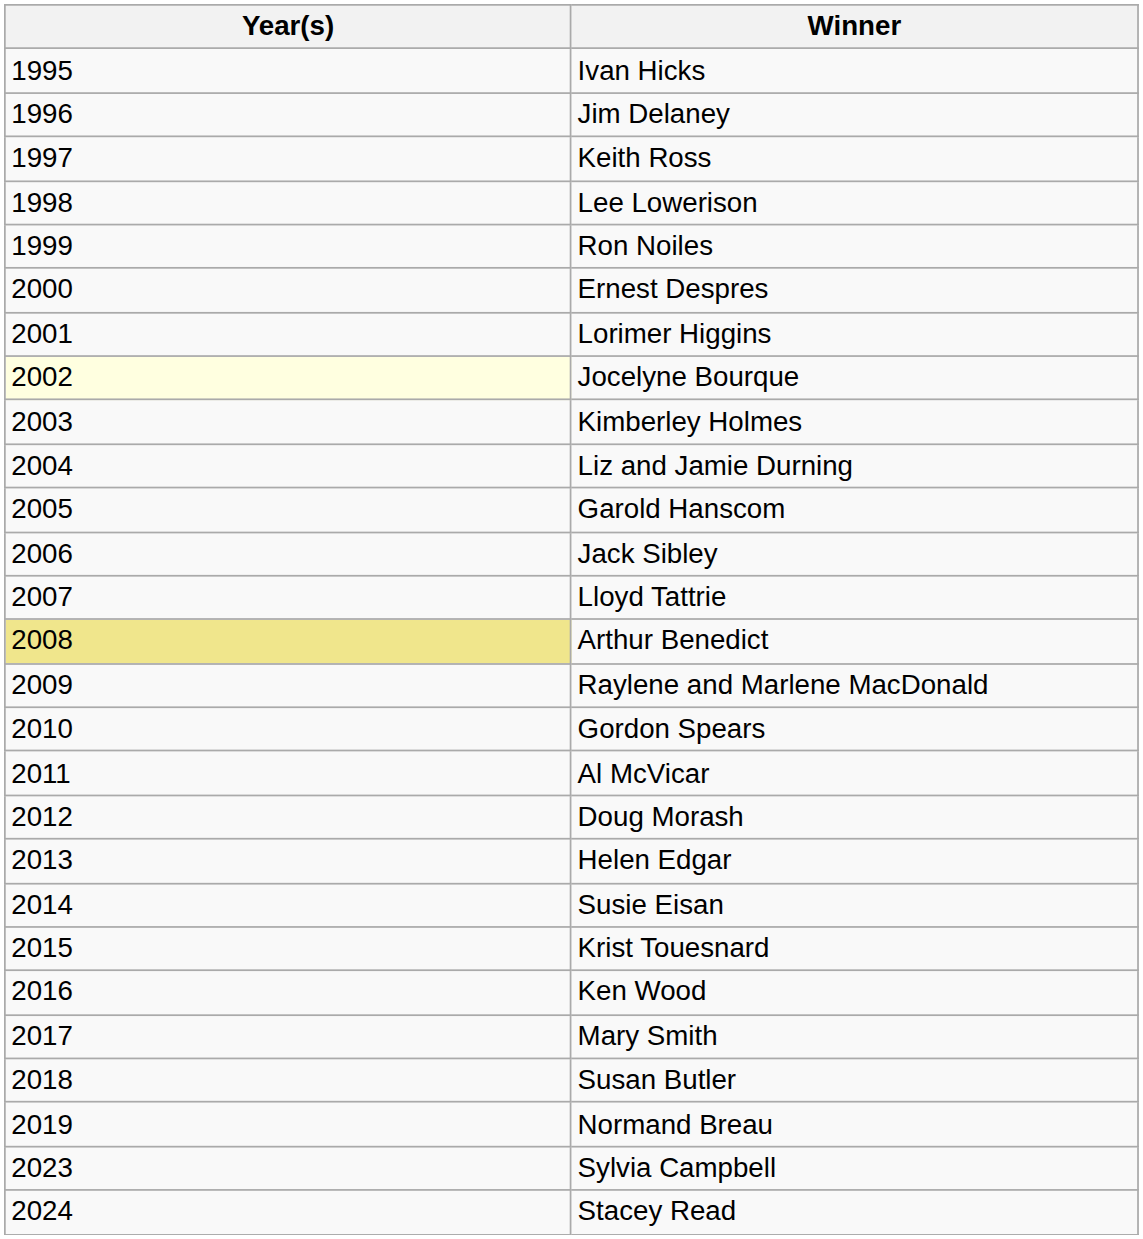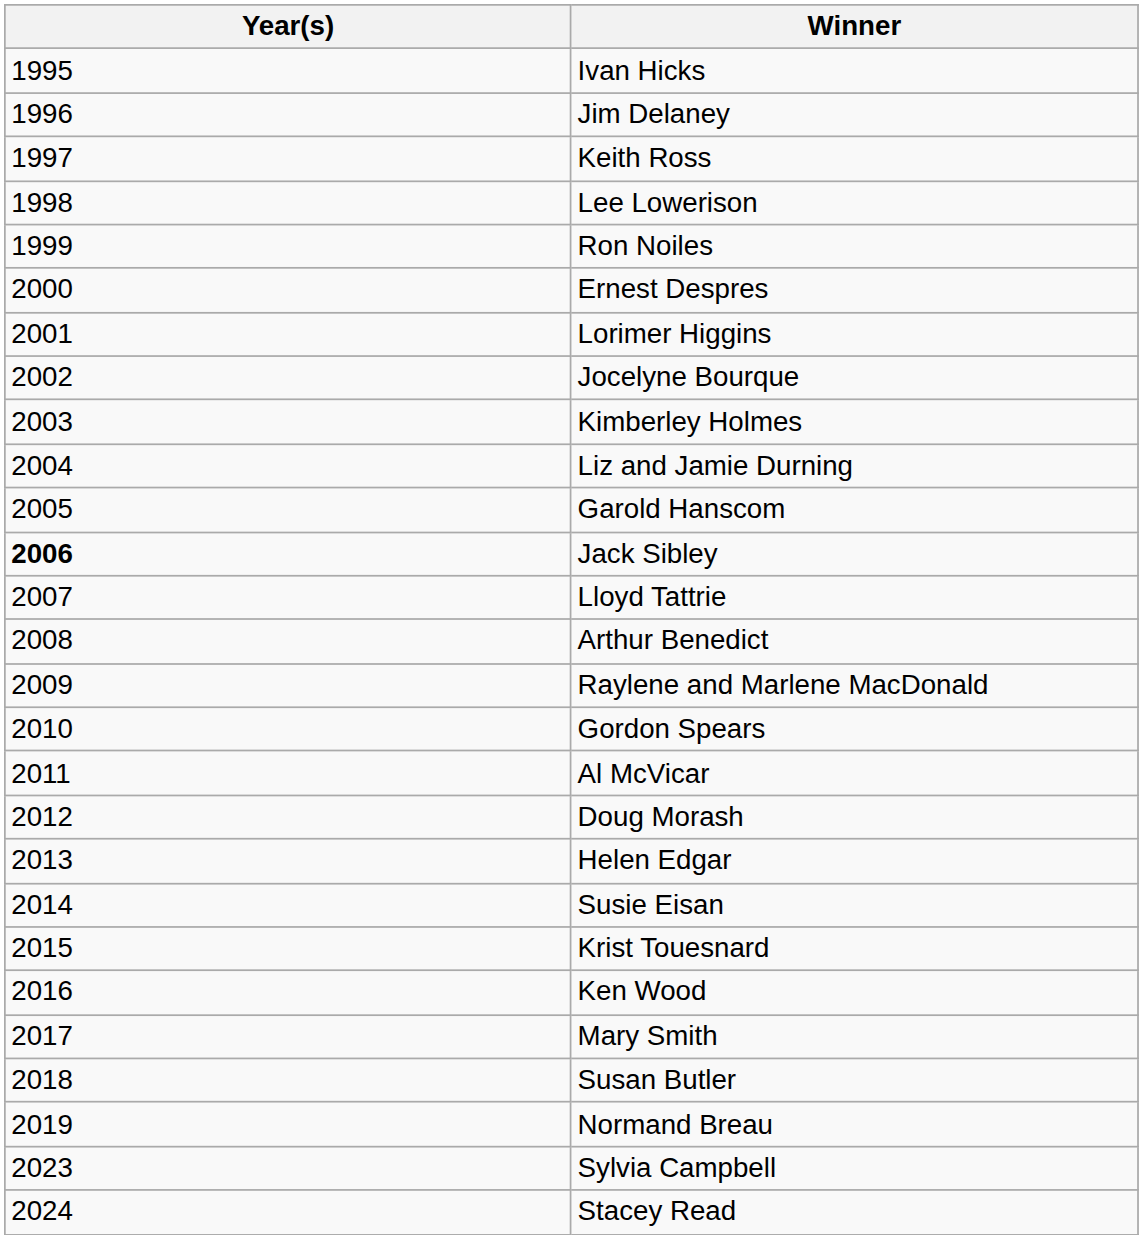 <table class="wikitable" style="text-align: left;margin:0px;">
 <tr>
 <th style="width:20em;">Year(s)</th>
 <th style="width:20em;">Winner</th>
 </tr>
 <tr>
 <td>1995</td>
 <td>Ivan Hicks</td>
 </tr>
 <tr>
 <td>1996</td>
 <td>Jim Delaney</td>
 </tr>
 <tr>
 <td>1997</td>
 <td>Keith Ross</td>
 </tr>
 <tr>
 <td>1998</td>
 <td>Lee Lowerison</td>
 </tr>
 <tr>
 <td>1999</td>
 <td>Ron Noiles</td>
 </tr>
 <tr>
 <td>2000</td>
 <td>Ernest Despres</td>
 </tr>
 <tr>
 <td>2001</td>
 <td>Lorimer Higgins</td>
 </tr>
 <tr>
-<td style="background: lightyellow;">2002</td>
+<td>2002</td>
 <td>Jocelyne Bourque</td>
 </tr>
 <tr>
 <td>2003</td>
 <td>Kimberley Holmes</td>
 </tr>
 <tr>
 <td>2004</td>
 <td>Liz and Jamie Durning</td>
 </tr>
 <tr>
 <td>2005</td>
 <td>Garold Hanscom</td>
 </tr>
 <tr>
-<td>2006</td>
+<td><strong>2006</strong></td>
 <td>Jack Sibley</td>
 </tr>
 <tr>
 <td>2007</td>
 <td>Lloyd Tattrie</td>
 </tr>
 <tr>
-<td style="background: khaki;">2008</td>
+<td>2008</td>
 <td>Arthur Benedict</td>
 </tr>
 <tr>
 <td>2009</td>
 <td>Raylene and Marlene MacDonald</td>
 </tr>
 <tr>
 <td>2010</td>
 <td>Gordon Spears</td>
 </tr>
 <tr>
 <td>2011</td>
 <td>Al McVicar</td>
 </tr>
 <tr>
 <td>2012</td>
 <td>Doug Morash</td>
 </tr>
 <tr>
 <td>2013</td>
 <td>Helen Edgar</td>
 </tr>
 <tr>
 <td>2014</td>
 <td>Susie Eisan</td>
 </tr>
 <tr>
 <td>2015</td>
 <td>Krist Touesnard</td>
 </tr>
 <tr>
 <td>2016</td>
 <td>Ken Wood</td>
 </tr>
 <tr>
 <td>2017</td>
 <td>Mary Smith</td>
 </tr>
 <tr>
 <td>2018</td>
 <td>Susan Butler</td>
 </tr>
 <tr>
 <td>2019</td>
 <td>Normand Breau</td>
 </tr>
 <tr>
 <td>2023</td>
 <td>Sylvia Campbell</td>
 </tr>
 <tr>
 <td>2024</td>
 <td>Stacey Read</td>
 </tr>
 </table>
